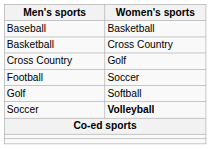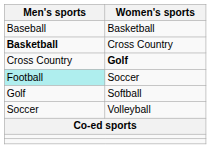 <table class="wikitable"; style= "text-align: ">
 <tr>
 <th width=150px>Men's sports</th>
 <th width=150px>Women's sports</th>
 </tr>
 <tr>
 <td>Baseball</td>
 <td>Basketball</td>
 </tr>
 <tr>
-<td>Basketball</td>
+<td><strong>Basketball</strong></td>
 <td>Cross Country</td>
 </tr>
 <tr>
 <td>Cross Country</td>
-<td>Golf</td>
+<td><strong>Golf</strong></td>
 </tr>
 <tr>
-<td>Football</td>
+<td style="background: paleturquoise;">Football</td>
 <td>Soccer</td>
 </tr>
 <tr>
 <td>Golf</td>
 <td>Softball</td>
 </tr>
 <tr>
 <td>Soccer</td>
-<td><strong>Volleyball</strong></td>
+<td>Volleyball</td>
 </tr>
 <tr>
 <th colspan=2>Co-ed sports</th>
 </tr>
 <tr>
 <td colspan=2></td>
 </tr>
 <tr>
 <td colspan=2></td>
 </tr>
 </table>
